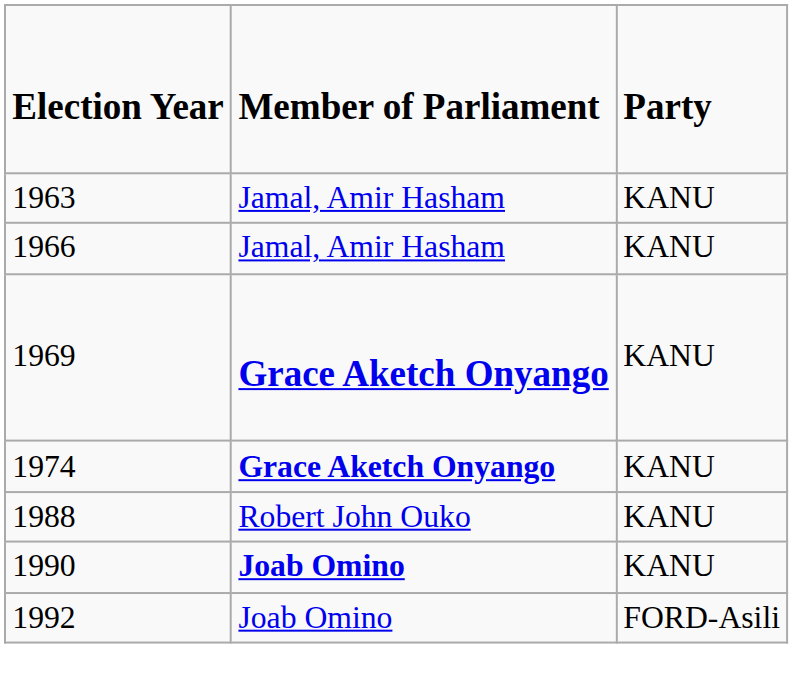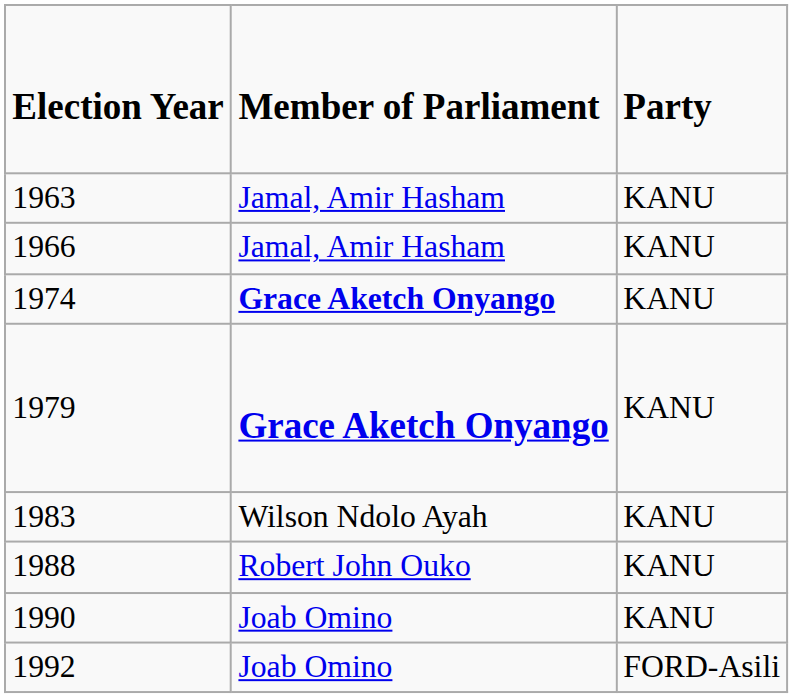 <table class="wikitable">
 <tr>
 <td><br><h3>Election Year</h3></td>
 <td><br><h3>Member of Parliament</h3></td>
 <td><br><h3>Party</h3></td>
 </tr>
 <tr>
 <td>1963</td>
 <td><a href='#'>Jamal, Amir Hasham</a></td>
 <td>KANU</td>
 </tr>
 <tr>
 <td>1966</td>
 <td><a href='#'>Jamal, Amir Hasham</a></td>
 <td>KANU</td>
 </tr>
 <tr>
-<td>1969</td>
+<td>1974</td>
+<td><strong><a href='#'>Grace Aketch Onyango</a></strong></td>
+<td>KANU</td>
+</tr>
+<tr>
+<td>1979</td>
 <td><br><h3><a href='#'>Grace Aketch Onyango</a></h3></td>
 <td>KANU</td>
 </tr>
 <tr>
-<td>1974</td>
-<td><strong><a href='#'>Grace Aketch Onyango</a></strong></td>
+<td>1983</td>
+<td>Wilson Ndolo Ayah</td>
 <td>KANU</td>
 </tr>
 <tr>
 <td>1988</td>
 <td><a href='#'>Robert John Ouko</a></td>
 <td>KANU</td>
 </tr>
 <tr>
 <td>1990</td>
-<td><strong><a href='#'>Joab Omino</a></strong></td>
+<td><a href='#'>Joab Omino</a></td>
 <td>KANU</td>
 </tr>
 <tr>
 <td>1992</td>
 <td><a href='#'>Joab Omino</a></td>
 <td>FORD-Asili</td>
 </tr>
 </table>
